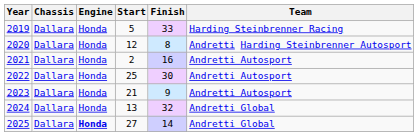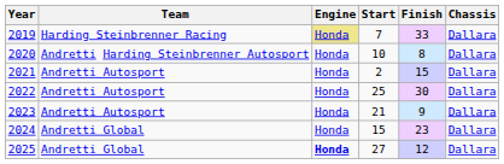 <table class="wikitable" style="font-size: 90%;">
 <tr>
 <th>Year</th>
-<th>Chassis</th>
+<th>Team</th>
 <th>Engine</th>
 <th>Start</th>
 <th>Finish</th>
-<th>Team</th>
+<th>Chassis</th>
 </tr>
 <tr>
 <td><a href='#'>2019</a></td>
+<td nowrap><a href='#'>Harding Steinbrenner Racing</a></td>
+<td style="background: khaki;"><a href='#'>Honda</a></td>
+<td align=center>7</td>
+<td align=center style="background:#EFCFFF;">33</td>
 <td><a href='#'>Dallara</a></td>
-<td><a href='#'>Honda</a></td>
-<td align=center>5</td>
-<td align=center style="background:#EFCFFF;">33</td>
-<td nowrap><a href='#'>Harding Steinbrenner Racing</a></td>
 </tr>
 <tr>
 <td><a href='#'>2020</a></td>
+<td nowrap><a href='#'>Andretti</a> <a href='#'>Harding Steinbrenner Autosport</a></td>
+<td><a href='#'>Honda</a></td>
+<td align=center>10</td>
+<td align=center style="background:#CFEAFF;">8</td>
 <td><a href='#'>Dallara</a></td>
-<td><a href='#'>Honda</a></td>
-<td align=center>12</td>
-<td align=center style="background:#CFEAFF;">8</td>
-<td nowrap><a href='#'>Andretti</a> <a href='#'>Harding Steinbrenner Autosport</a></td>
 </tr>
 <tr>
 <td><a href='#'>2021</a></td>
-<td><a href='#'>Dallara</a></td>
+<td nowrap><a href='#'>Andretti Autosport</a></td>
 <td><a href='#'>Honda</a></td>
 <td align=center>2</td>
-<td align=center style="background:#CFCFFF;">16</td>
-<td nowrap><a href='#'>Andretti Autosport</a></td>
+<td align=center style="background:#CFCFFF;">15</td>
+<td><a href='#'>Dallara</a></td>
 </tr>
 <tr>
 <td><a href='#'>2022</a></td>
-<td><a href='#'>Dallara</a></td>
+<td nowrap><a href='#'>Andretti Autosport</a></td>
 <td><a href='#'>Honda</a></td>
 <td align=center>25</td>
 <td align=center style="background:#EFCFFF;">30</td>
-<td nowrap><a href='#'>Andretti Autosport</a></td>
+<td><a href='#'>Dallara</a></td>
 </tr>
 <tr>
 <td><a href='#'>2023</a></td>
-<td><a href='#'>Dallara</a></td>
+<td nowrap><a href='#'>Andretti Autosport</a></td>
 <td><a href='#'>Honda</a></td>
 <td align=center>21</td>
 <td align=center style="background:#CFEAFF;">9</td>
-<td nowrap><a href='#'>Andretti Autosport</a></td>
+<td><a href='#'>Dallara</a></td>
 </tr>
 <tr>
 <td><a href='#'>2024</a></td>
+<td nowrap><a href='#'>Andretti Global</a></td>
+<td><a href='#'>Honda</a></td>
+<td align=center>15</td>
+<td align=center style="background:#efcfff;">23</td>
 <td><a href='#'>Dallara</a></td>
-<td><a href='#'>Honda</a></td>
-<td align=center>13</td>
-<td align=center style="background:#efcfff;">32</td>
-<td nowrap><a href='#'>Andretti Global</a></td>
 </tr>
 <tr>
 <td><a href='#'>2025</a></td>
-<td><a href='#'>Dallara</a></td>
+<td nowrap><a href='#'>Andretti Global</a></td>
 <td><strong><a href='#'>Honda</a></strong></td>
 <td align=center>27</td>
-<td align=center style="background:#CFCFFF;">14</td>
-<td nowrap><a href='#'>Andretti Global</a></td>
+<td align=center style="background:#CFCFFF;">12</td>
+<td><a href='#'>Dallara</a></td>
 </tr>
 </table>
